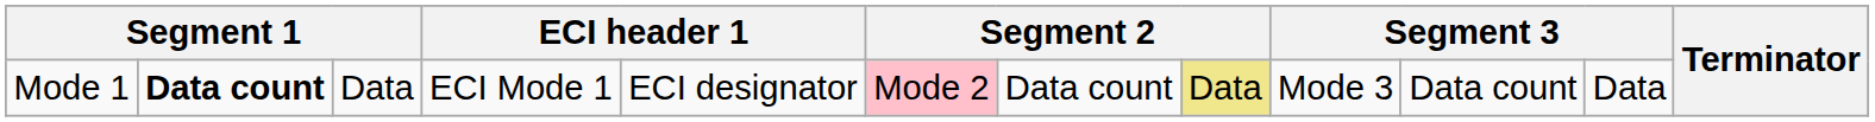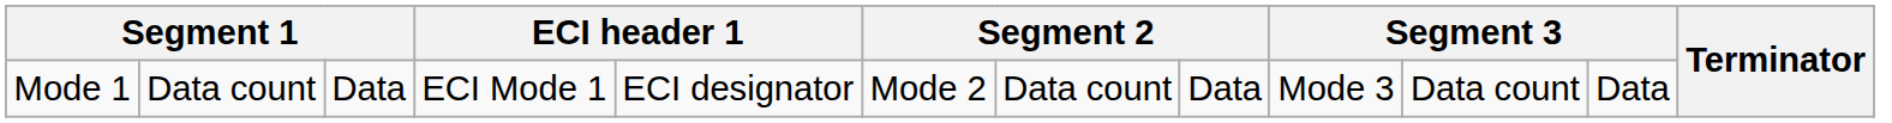 <table class="wikitable" border="1" style="text-align:center">
 <tr>
 <th colspan = 3>Segment 1</th>
 <th colspan = 2>ECI header 1</th>
 <th colspan = 3>Segment 2</th>
 <th colspan = 3>Segment 3</th>
 <th rowspan = 2>Terminator</th>
 </tr>
 <tr>
 <td>Mode 1</td>
-<td><strong>Data count</strong></td>
+<td>Data count</td>
 <td>Data</td>
 <td>ECI Mode 1</td>
 <td>ECI designator</td>
-<td style="background: pink;">Mode 2</td>
+<td>Mode 2</td>
 <td>Data count</td>
-<td style="background: khaki;">Data</td>
+<td>Data</td>
 <td>Mode 3</td>
 <td>Data count</td>
 <td>Data</td>
 </tr>
 </table>
